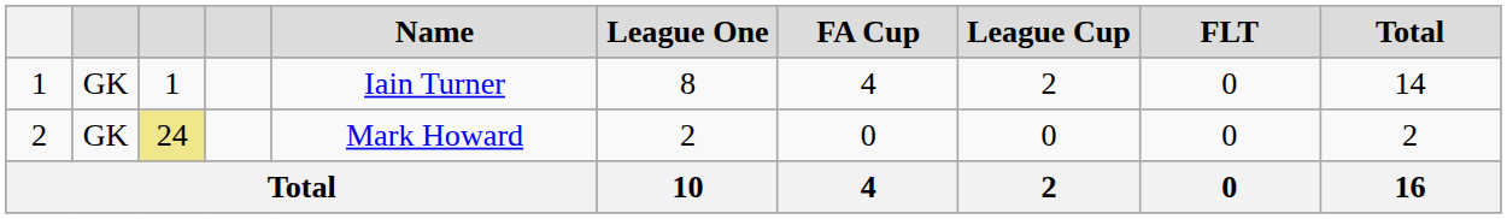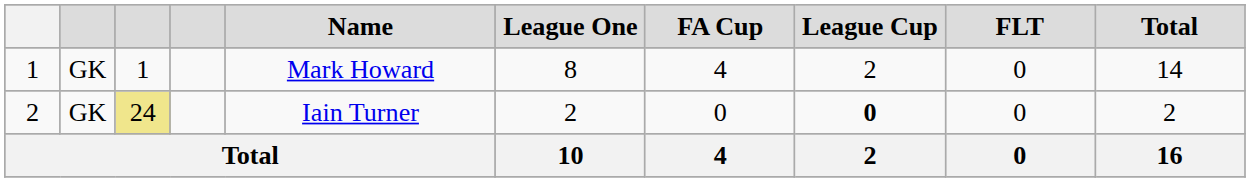 <table class="wikitable sortable" style="font-size: 95%; text-align: center;">
 <tr>
 <th width=25 style="background-colour:#dcdcdc; color:black;"></th>
 <th width=25 style="background-color:#dcdcdc; color:black;"></th>
 <th width=25 style="background-color:#dcdcdc; color:black;"></th>
 <th width=25 style="background-color:#dcdcdc; color:black;"></th>
 <th width=150 style="background-color:#dcdcdc; color:black;">Name</th>
 <th width=80 style="background-color:#dcdcdc; color:black;">League One</th>
 <th width=80 style="background-color:#dcdcdc; color:black;">FA Cup</th>
 <th width=80 style="background-color:#dcdcdc; color:black;">League Cup</th>
 <th width=80 style="background-color:#dcdcdc; color:black;">FLT</th>
 <th width=80 style="background-color:#dcdcdc; color:black;">Total</th>
 </tr>
 <tr>
 <td>1</td>
 <td>GK</td>
 <td>1</td>
 <td></td>
-<td data-sort-value="Iain Turner"><a href='#'>Iain Turner</a></td>
+<td data-sort-value="Mark Howard"><a href='#'>Mark Howard</a></td>
 <td>8</td>
 <td>4</td>
 <td>2</td>
 <td>0</td>
 <td>14</td>
 </tr>
 <tr>
 <td>2</td>
 <td>GK</td>
 <td style="background: khaki;">24</td>
 <td></td>
-<td data-sort-value="Mark Howard"><a href='#'>Mark Howard</a></td>
+<td data-sort-value="Iain Turner"><a href='#'>Iain Turner</a></td>
 <td>2</td>
 <td>0</td>
-<td>0</td>
+<td><strong>0</strong></td>
 <td>0</td>
 <td>2</td>
 </tr>
 <tr class="sortbottom">
 <th colspan=5>Total</th>
 <th>10</th>
 <th>4</th>
 <th>2</th>
 <th>0</th>
 <th>16</th>
 </tr>
 </table>
